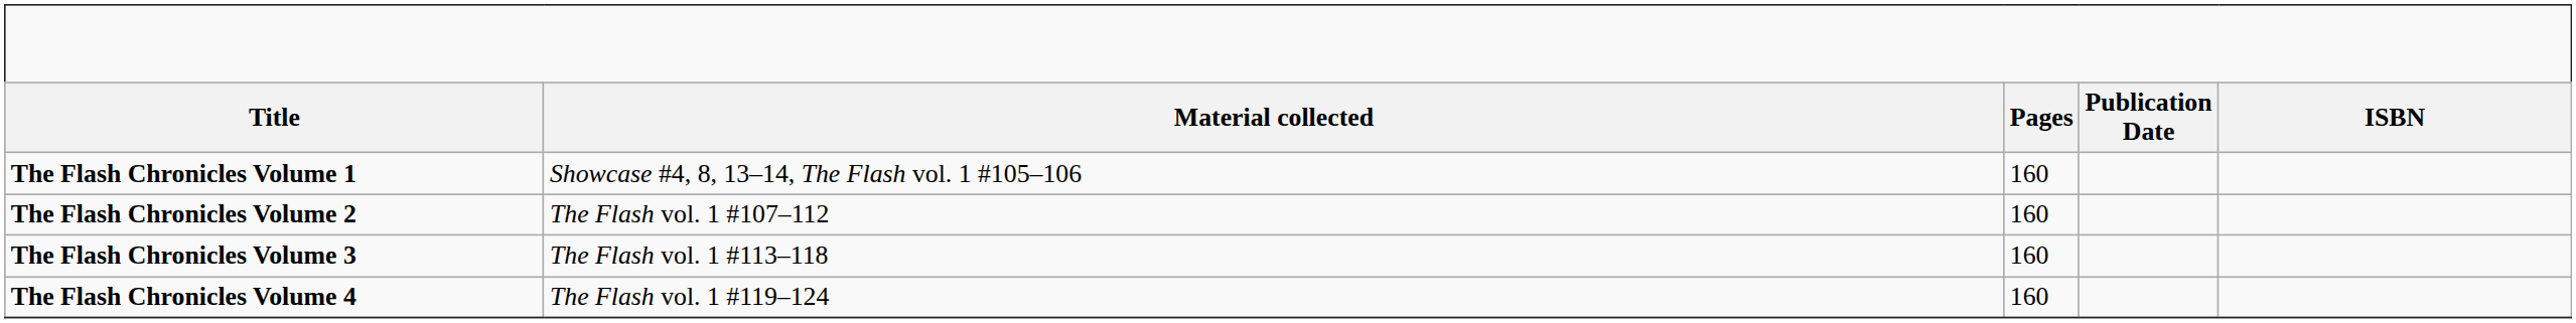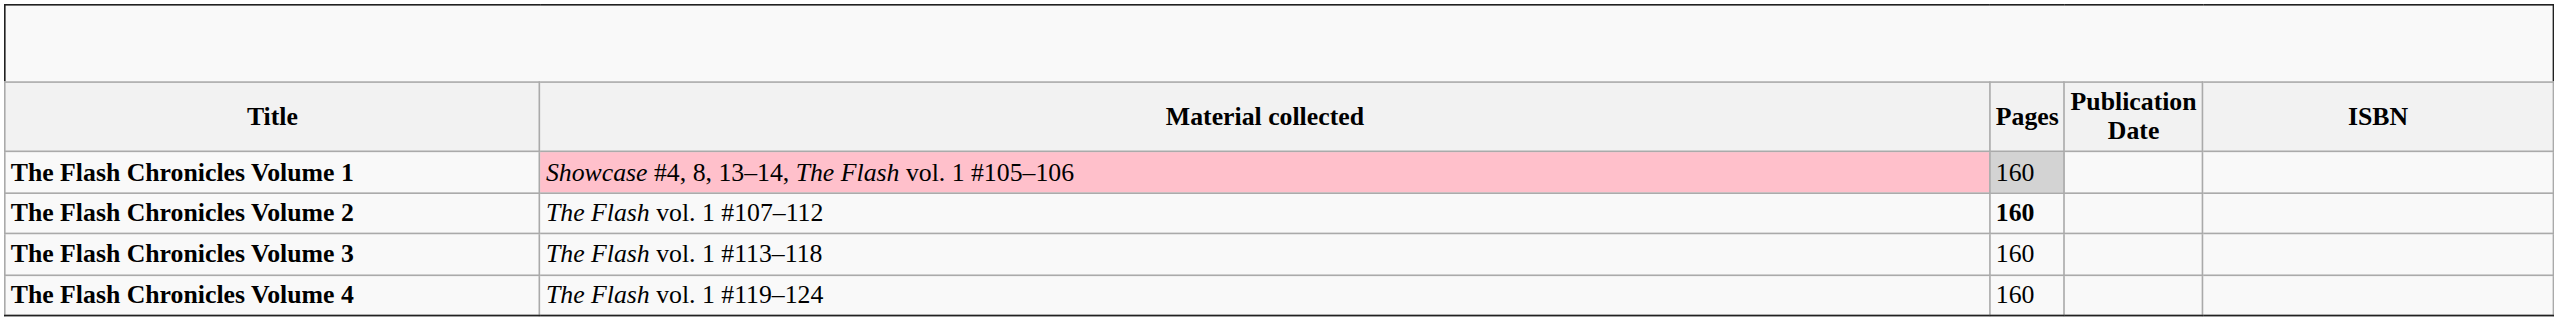 <table width="100%" class="wikitable sortable" style="padding:0px 0px 0px 25px; border:1px solid #212121;">
 <tr style="height: 3em;">
 </tr>
 <tr>
 <th ! width="21%">Title</th>
 <th>Material collected</th>
 <th class="unsortable" width="1%">Pages</th>
 <th width="1%">Publication Date</th>
 <th width="13.77%">ISBN</th>
 </tr>
 <tr>
 <td><strong>The Flash Chronicles Volume 1</strong></td>
-<td><em>Showcase</em> #4, 8, 13–14, <em>The Flash</em> vol. 1 #105–106</td>
-<td>160</td>
+<td style="background: pink;"><em>Showcase</em> #4, 8, 13–14, <em>The Flash</em> vol. 1 #105–106</td>
+<td style="background: lightgrey;">160</td>
 <td></td>
 <td align="right"></td>
 </tr>
 <tr>
 <td><strong>The Flash Chronicles Volume 2</strong></td>
 <td><em>The Flash</em> vol. 1 #107–112</td>
-<td>160</td>
+<td><strong>160</strong></td>
 <td></td>
 <td align="right"></td>
 </tr>
 <tr>
 <td><strong>The Flash Chronicles Volume 3</strong></td>
 <td><em>The Flash</em> vol. 1 #113–118</td>
 <td>160</td>
 <td></td>
 <td align="right"></td>
 </tr>
 <tr>
 <td><strong>The Flash Chronicles Volume 4</strong></td>
 <td><em>The Flash</em> vol. 1 #119–124</td>
 <td>160</td>
 <td></td>
 <td align="right"></td>
 </tr>
 <tr>
 </tr>
 </table>
